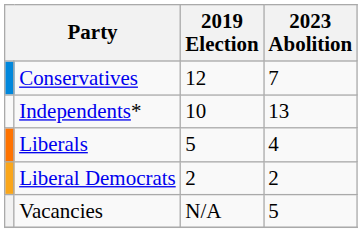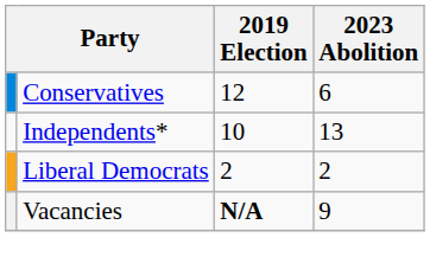 <table class="wikitable">
 <tr>
 <th colspan=2>Party</th>
 <th>2019<br>Election</th>
 <th>2023<br>Abolition</th>
 </tr>
 <tr>
 <th style="background-color: #0087DC"></th>
 <td><a href='#'>Conservatives</a></td>
 <td>12</td>
-<td>7</td>
+<td>6</td>
 </tr>
 <tr>
 <td style="background-color: "></td>
 <td><a href='#'>Independents</a>*</td>
 <td>10</td>
 <td>13</td>
-</tr>
-<tr>
-<th style="background-color: #FF7300"></th>
-<td><a href='#'>Liberals</a></td>
-<td>5</td>
-<td>4</td>
 </tr>
 <tr>
 <th style="background-color: #FAA61A"></th>
 <td><a href='#'>Liberal Democrats</a></td>
 <td>2</td>
 <td>2</td>
 </tr>
 <tr>
 <th></th>
 <td>Vacancies</td>
-<td>N/A</td>
-<td>5</td>
+<td><strong>N/A</strong></td>
+<td>9</td>
 </tr>
 <tr>
 </tr>
 </table>
